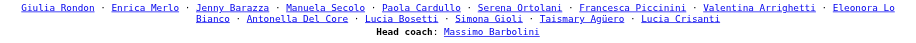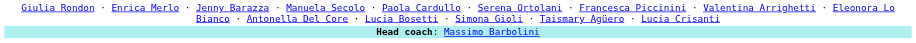 <table style="text-align: center">
 <tr>
 <td><a href='#'>Giulia Rondon</a> · <a href='#'>Enrica Merlo</a> · <a href='#'>Jenny Barazza</a> · <a href='#'>Manuela Secolo</a> · <a href='#'>Paola Cardullo</a> · <a href='#'>Serena Ortolani</a> · <a href='#'>Francesca Piccinini</a> · <a href='#'>Valentina Arrighetti</a> · <a href='#'>Eleonora Lo Bianco</a> · <a href='#'>Antonella Del Core</a> · <a href='#'>Lucia Bosetti</a> · <a href='#'>Simona Gioli</a> · <a href='#'>Taismary Agüero</a> · <a href='#'>Lucia Crisanti</a></td>
 </tr>
 <tr>
-<td><strong>Head coach</strong>: <a href='#'>Massimo Barbolini</a></td>
+<td style="background: paleturquoise;"><strong>Head coach</strong>: <a href='#'>Massimo Barbolini</a></td>
 </tr>
 </table>
